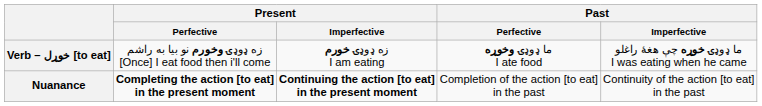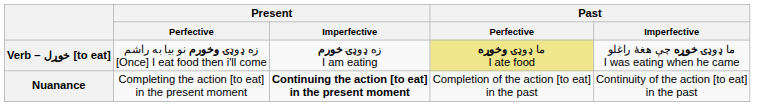 <table class="wikitable" style="text-align: center">
 <tr>
 <th rowspan="2"></th>
 <th colspan="2">Present</th>
 <th colspan="2">Past</th>
 </tr>
 <tr>
 <th style="border-right;"><small>Perfective</small></th>
 <th style="border-left;"><small>Imperfective</small></th>
 <th style="border-right;"><small>Perfective</small></th>
 <th style="border-left;"><small>Imperfective</small></th>
 </tr>
 <tr>
 <th>Verb – خوړل [to eat]</th>
 <td style="border-right: ">زه ډوډۍ <strong>وخورم</strong> نو بيا به راشم<br>[Once] I eat food then i'll come</td>
 <td style="border-left: ">زه ډوډۍ <strong>خورم</strong><br>I am eating</td>
-<td style="border-right: ">ما ډوډۍ <strong>وخوړه</strong><br>I ate food</td>
+<td style="background: khaki; border-right: ">ما ډوډۍ <strong>وخوړه</strong><br>I ate food</td>
 <td style="border-left: ">ما ډوډۍ <strong>خوړه</strong> چې هغۀ راغلو<br>I was eating when he came</td>
 </tr>
 <tr>
 <th>Nuanance</th>
-<td><strong>Completing the action [to eat]<br>in the present moment</strong></td>
+<td>Completing the action [to eat]<br>in the present moment</td>
 <td><strong>Continuing the action [to eat]<br>in the present moment</strong></td>
 <td>Completion of the action [to eat]<br>in the past</td>
 <td>Continuity of the action [to eat]<br>in the past</td>
 </tr>
 </table>
